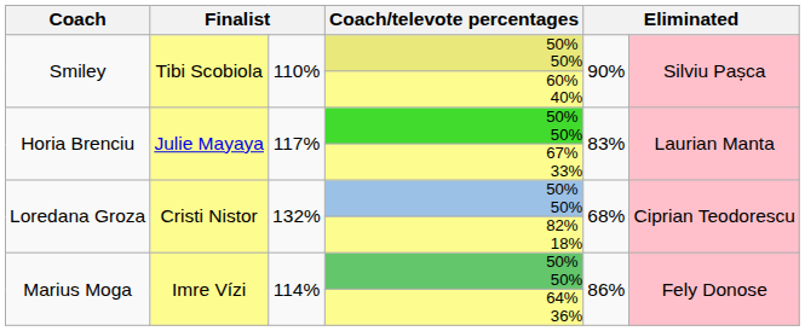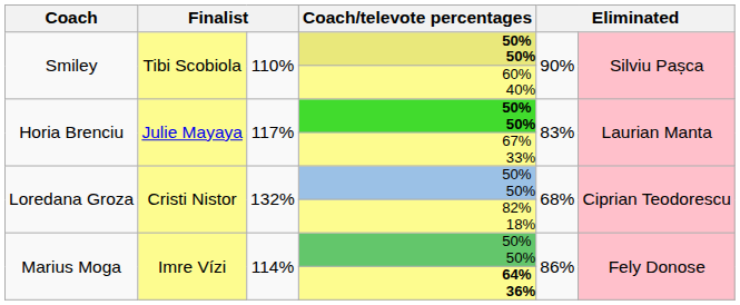 <table class="wikitable" style="text-align:center">
 <tr>
 <th>Coach</th>
 <th colspan="2">Finalist</th>
 <th>Coach/televote percentages</th>
 <th colspan="2">Eliminated</th>
 </tr>
 <tr>
 <td rowspan="2">Smiley</td>
 <td bgcolor="#fdfc8f" rowspan="2">Tibi Scobiola</td>
 <td rowspan="2">110%</td>
-<td style="padding:0;font-size:85%;text-align:right;background:#e9e87b">50% <div> 50%</div></td>
+<td style="padding:0;font-size:85%;text-align:right;background:#e9e87b"><strong>50% <div> 50%</div></strong></td>
 <td rowspan="2">90%</td>
 <td bgcolor="pink" rowspan="2">Silviu Pașca</td>
 </tr>
 <tr>
 <td style="padding:0;font-size:85%;text-align:right;background:#fdfc8f">60% <div> 40%</div></td>
 </tr>
 <tr>
 <td rowspan="2">Horia Brenciu</td>
 <td bgcolor="#fdfc8f" rowspan="2"><a href='#'>Julie Mayaya</a></td>
 <td rowspan="2">117%</td>
-<td style="padding:0;font-size:85%;text-align:right;background:#41db2d">50% <div> 50%</div></td>
+<td style="padding:0;font-size:85%;text-align:right;background:#41db2d"><strong>50% <div> 50%</div></strong></td>
 <td rowspan="2">83%</td>
 <td bgcolor="pink" rowspan="2">Laurian Manta</td>
 </tr>
 <tr>
 <td style="padding:0;font-size:85%;text-align:right;background:#fdfc8f">67% <div> 33%</div></td>
 </tr>
 <tr>
 <td rowspan="2">Loredana Groza</td>
 <td bgcolor="#fdfc8f" rowspan="2">Cristi Nistor</td>
 <td rowspan="2">132%</td>
 <td style="padding:0;font-size:85%;text-align:right;background:#9bc1e6">50% <div> 50%</div></td>
 <td rowspan="2">68%</td>
 <td bgcolor="pink" rowspan="2">Ciprian Teodorescu</td>
 </tr>
 <tr>
 <td style="padding:0;font-size:85%;text-align:right;background:#fdfc8f">82% <div> 18%</div></td>
 </tr>
 <tr>
 <td rowspan="2">Marius Moga</td>
 <td bgcolor="#fdfc8f" rowspan="2">Imre Vízi</td>
 <td rowspan="2">114%</td>
 <td style="padding:0;font-size:85%;text-align:right;background:#63c66b">50% <div> 50%</div></td>
 <td rowspan="2">86%</td>
 <td bgcolor="pink" rowspan="2">Fely Donose</td>
 </tr>
 <tr>
-<td style="padding:0;font-size:85%;text-align:right;background:#fdfc8f">64% <div> 36%</div></td>
+<td style="padding:0;font-size:85%;text-align:right;background:#fdfc8f"><strong>64% <div> 36%</div></strong></td>
 </tr>
 </table>
